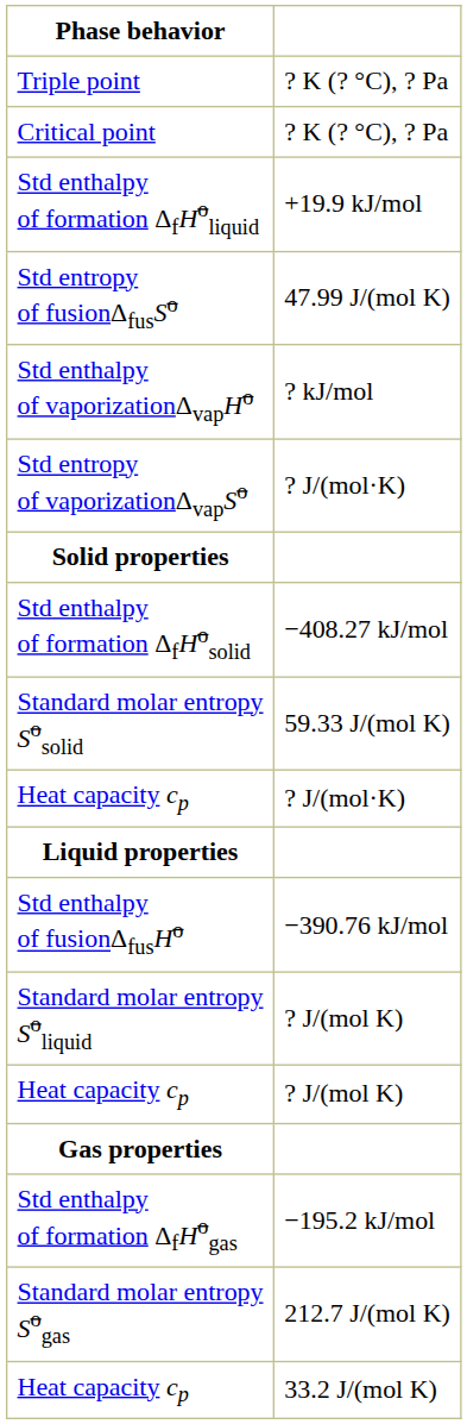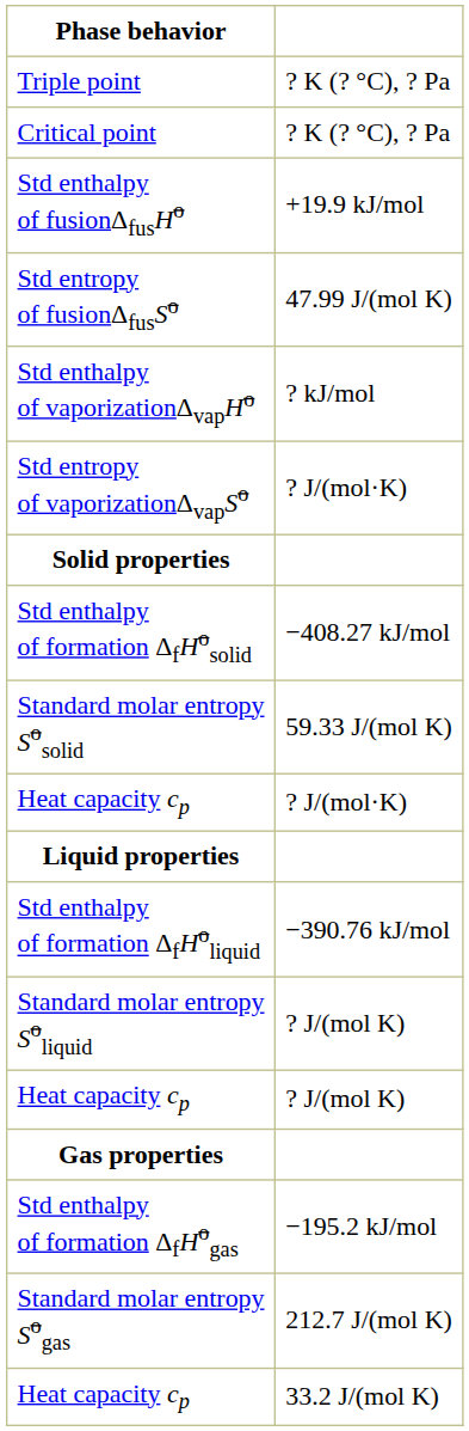 <table border="1" cellspacing="0" cellpadding="6" style="margin: 0 0 0 0.5em; background: #FFFFFF; border-collapse: collapse; border-color: #C0C090;">
 <tr>
 <th>Phase behavior</th>
 </tr>
 <tr>
 <td><a href='#'>Triple point</a></td>
 <td>? K (? °C), ? Pa</td>
 </tr>
 <tr>
 <td><a href='#'>Critical point</a></td>
 <td>? K (? °C), ? Pa</td>
 </tr>
 <tr>
-<td><a href='#'>Std enthalpy <br>of formation</a> Δ<sub>f</sub><em>H</em><sup><s>o</s></sup><sub>liquid</sub></td>
+<td><a href='#'>Std enthalpy <br>of fusion</a>Δ<sub>fus</sub><em>H</em><sup><s>o</s></sup></td>
 <td>+19.9 kJ/mol</td>
 </tr>
 <tr>
 <td><a href='#'>Std entropy <br>of fusion</a>Δ<sub>fus</sub><em>S</em><sup><s>o</s></sup></td>
 <td>47.99 J/(mol K)</td>
 </tr>
 <tr>
 <td><a href='#'>Std enthalpy <br>of vaporization</a>Δ<sub>vap</sub><em>H</em><sup><s>o</s></sup></td>
 <td>? kJ/mol</td>
 </tr>
 <tr>
 <td><a href='#'>Std entropy <br>of vaporization</a>Δ<sub>vap</sub><em>S</em><sup><s>o</s></sup></td>
 <td>? J/(mol·K)</td>
 </tr>
 <tr>
 <th>Solid properties</th>
 </tr>
 <tr>
 <td><a href='#'>Std enthalpy <br>of formation</a> Δ<sub>f</sub><em>H</em><sup><s>o</s></sup><sub>solid</sub></td>
 <td>−408.27 kJ/mol</td>
 </tr>
 <tr>
 <td><a href='#'>Standard molar entropy</a><br><em>S</em><sup><s>o</s></sup><sub>solid</sub></td>
 <td>59.33 J/(mol K)</td>
 </tr>
 <tr>
 <td><a href='#'>Heat capacity</a> <em>c<sub>p</sub></em></td>
 <td>? J/(mol·K)</td>
 </tr>
 <tr>
 <th>Liquid properties</th>
 </tr>
 <tr>
-<td><a href='#'>Std enthalpy <br>of fusion</a>Δ<sub>fus</sub><em>H</em><sup><s>o</s></sup></td>
+<td><a href='#'>Std enthalpy <br>of formation</a> Δ<sub>f</sub><em>H</em><sup><s>o</s></sup><sub>liquid</sub></td>
 <td>−390.76 kJ/mol</td>
 </tr>
 <tr>
 <td><a href='#'>Standard molar entropy</a><br><em>S</em><sup><s>o</s></sup><sub>liquid</sub></td>
 <td>? J/(mol K)</td>
 </tr>
 <tr>
 <td><a href='#'>Heat capacity</a> <em>c<sub>p</sub></em></td>
 <td>? J/(mol K)</td>
 </tr>
 <tr>
 <th>Gas properties</th>
 </tr>
 <tr>
 <td><a href='#'>Std enthalpy <br>of formation</a> Δ<sub>f</sub><em>H</em><sup><s>o</s></sup><sub>gas</sub></td>
 <td>−195.2 kJ/mol</td>
 </tr>
 <tr>
 <td><a href='#'>Standard molar entropy</a><br><em>S</em><sup><s>o</s></sup><sub>gas</sub></td>
 <td>212.7 J/(mol K)</td>
 </tr>
 <tr>
 <td><a href='#'>Heat capacity</a> <em>c<sub>p</sub></em></td>
 <td>33.2 J/(mol K)</td>
 </tr>
 <tr>
 </tr>
 </table>
